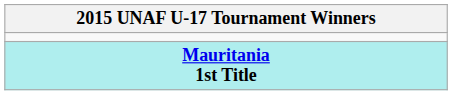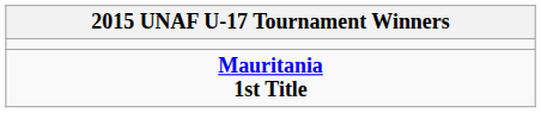 <table class="wikitable" style="text-align: center; margin: 0 auto; width: 20%">
 <tr>
 <th>2015 UNAF U-17 Tournament Winners</th>
 </tr>
 <tr>
 <td></td>
 </tr>
 <tr>
-<td style="background: paleturquoise;"><strong><a href='#'>Mauritania</a></strong><br><strong>1st Title</strong></td>
+<td><strong><a href='#'>Mauritania</a></strong><br><strong>1st Title</strong></td>
 </tr>
 </table>
